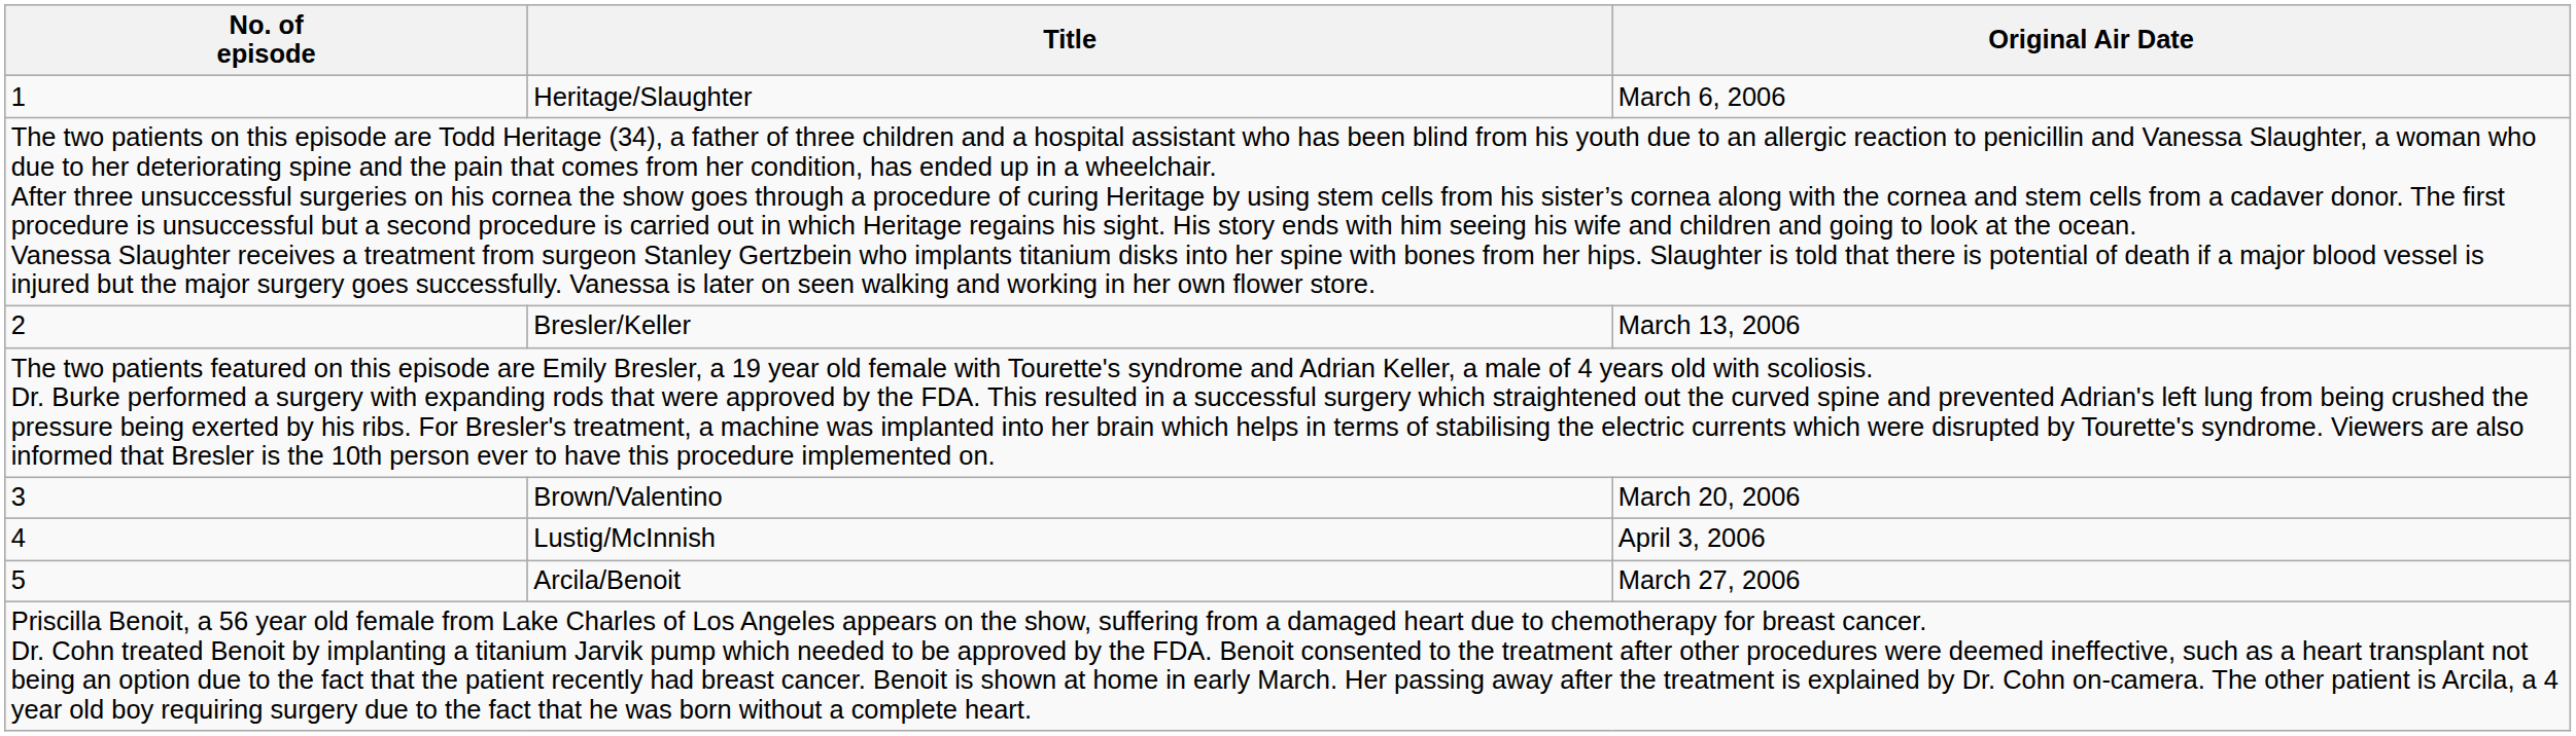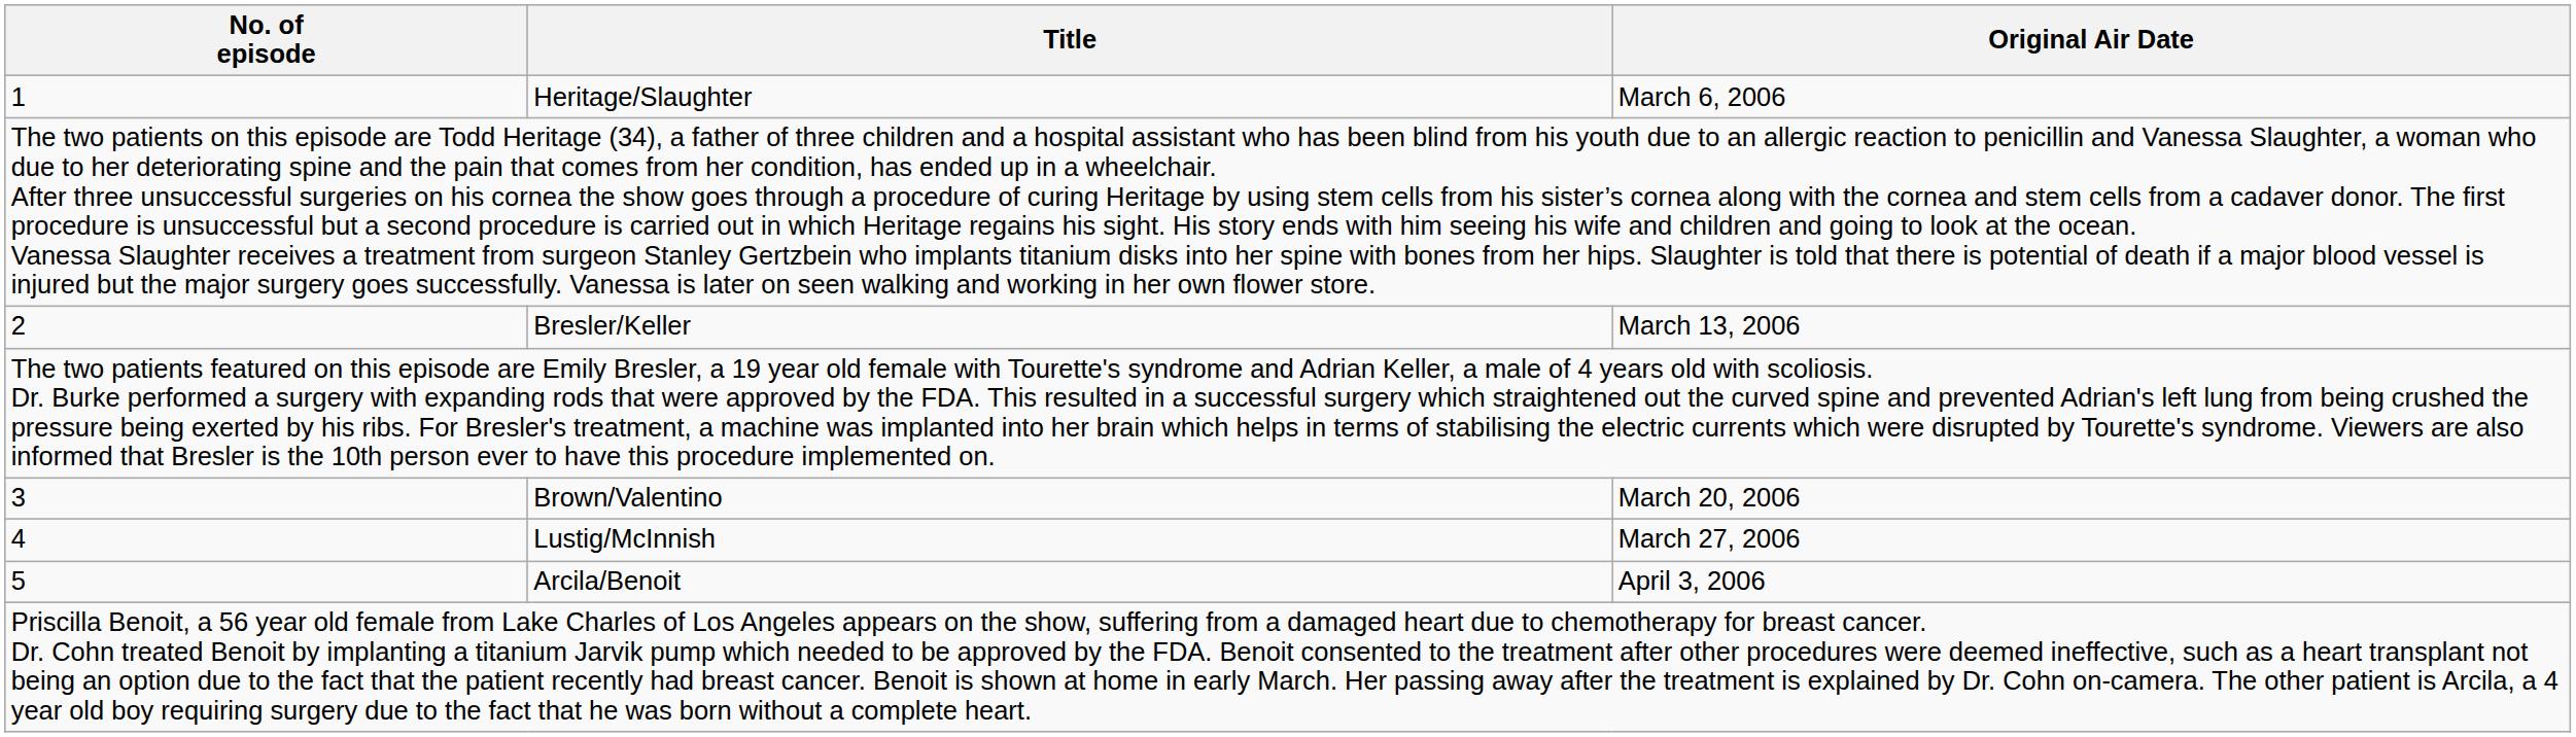 <table class="wikitable">
 <tr>
 <th><strong>No. of</strong><br><strong>episode</strong></th>
 <th>Title</th>
 <th>Original Air Date</th>
 </tr>
 <tr>
 <td>1</td>
 <td>Heritage/Slaughter</td>
 <td>March 6, 2006</td>
 </tr>
 <tr>
 <td colspan="3">The two patients on this episode are Todd Heritage (34), a father of three children and a hospital assistant who has been blind from his youth due to an allergic reaction to penicillin and Vanessa Slaughter, a woman who due to her deteriorating spine and the pain that comes from her condition, has ended up in a wheelchair.<br>After three unsuccessful surgeries on his cornea the show goes through a procedure of curing Heritage by using stem cells from his sister’s cornea along with the cornea and stem cells from a cadaver donor. The first procedure is unsuccessful but a second procedure is carried out in which Heritage regains his sight. His story ends with him seeing his wife and children and going to look at the ocean.<br>Vanessa Slaughter receives a treatment from surgeon Stanley Gertzbein who implants titanium disks into her spine with bones from her hips. Slaughter is told that there is potential of death if a major blood vessel is injured but the major surgery goes successfully. Vanessa is later on seen walking and working in her own flower store.</td>
 </tr>
 <tr>
 <td>2</td>
 <td>Bresler/Keller</td>
 <td>March 13, 2006</td>
 </tr>
 <tr>
 <td colspan="3">The two patients featured on this episode are Emily Bresler, a 19 year old female with Tourette's syndrome and Adrian Keller, a male of 4 years old with scoliosis.<br>Dr. Burke performed a surgery with expanding rods that were approved by the FDA. This resulted in a successful surgery which straightened out the curved spine and prevented Adrian's left lung from being crushed the pressure being exerted by his ribs. For Bresler's treatment, a machine was implanted into her brain which helps in terms of stabilising the electric currents which were disrupted by Tourette's syndrome. Viewers are also informed that Bresler is the 10th person ever to have this procedure implemented on.</td>
 </tr>
 <tr>
 <td>3</td>
 <td>Brown/Valentino</td>
 <td>March 20, 2006</td>
 </tr>
 <tr>
 <td>4</td>
 <td>Lustig/McInnish</td>
-<td>April 3, 2006</td>
+<td>March 27, 2006</td>
 </tr>
 <tr>
 <td>5</td>
 <td>Arcila/Benoit</td>
-<td>March 27, 2006</td>
+<td>April 3, 2006</td>
 </tr>
 <tr>
 <td colspan="3">Priscilla Benoit, a 56 year old female from Lake Charles of Los Angeles appears on the show, suffering from a damaged heart due to chemotherapy for breast cancer.<br>Dr. Cohn treated Benoit by implanting a titanium Jarvik pump which needed to be approved by the FDA. Benoit consented to the treatment after other procedures were deemed ineffective, such as a heart transplant not being an option due to the fact that the patient recently had breast cancer.  Benoit is shown at home in early March. Her passing away after the treatment is explained by Dr. Cohn on-camera. The other patient is Arcila, a 4 year old boy requiring surgery due to the fact that he was born without a complete heart.</td>
 </tr>
 </table>
